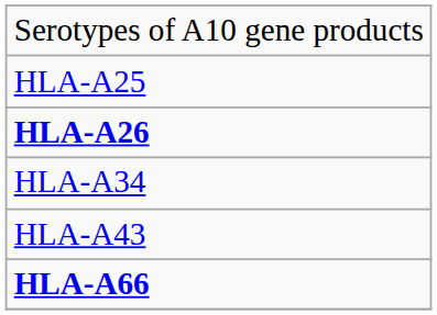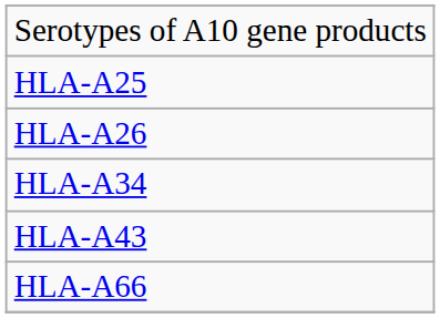 <table class="wikitable" align="right">
 <tr>
 <td colspan = "4">Serotypes of A10  gene products</td>
 </tr>
 <tr>
 <td><a href='#'>HLA-A25</a></td>
 </tr>
 <tr>
-<td><strong><a href='#'>HLA-A26</a></strong></td>
+<td><a href='#'>HLA-A26</a></td>
 </tr>
 <tr>
 <td><a href='#'>HLA-A34</a></td>
 </tr>
 <tr>
 <td><a href='#'>HLA-A43</a></td>
 </tr>
 <tr>
-<td><strong><a href='#'>HLA-A66</a></strong></td>
+<td><a href='#'>HLA-A66</a></td>
 </tr>
 <tr>
 </tr>
 </table>
